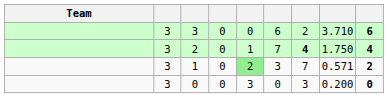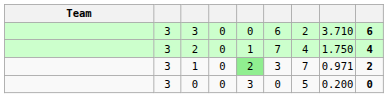 <table class="wikitable" style="text-align: center; font-size:90% ">
 <tr>
 <th width=160>Team</th>
 <th width=25></th>
 <th width=25></th>
 <th width=25></th>
 <th width=25></th>
 <th width=25></th>
 <th width=25></th>
 <th width=35></th>
 <th width=25></th>
 </tr>
 <tr bgcolor=ccffcc>
 <td align=left></td>
 <td>3</td>
 <td>3</td>
 <td>0</td>
 <td>0</td>
 <td>6</td>
 <td>2</td>
 <td>3.710</td>
 <td><strong>6</strong></td>
 </tr>
 <tr bgcolor=ccffcc>
 <td align=left></td>
 <td>3</td>
 <td>2</td>
 <td>0</td>
 <td>1</td>
 <td>7</td>
-<td><strong>4</strong></td>
+<td>4</td>
 <td>1.750</td>
 <td><strong>4</strong></td>
 </tr>
 <tr>
 <td align=left></td>
 <td>3</td>
 <td>1</td>
 <td>0</td>
 <td style="background: lightgreen;">2</td>
 <td>3</td>
 <td>7</td>
-<td>0.571</td>
+<td>0.971</td>
 <td><strong>2</strong></td>
 </tr>
 <tr>
 <td align=left></td>
 <td>3</td>
 <td>0</td>
 <td>0</td>
 <td>3</td>
 <td>0</td>
-<td>3</td>
+<td>5</td>
 <td>0.200</td>
 <td><strong>0</strong></td>
 </tr>
 </table>
